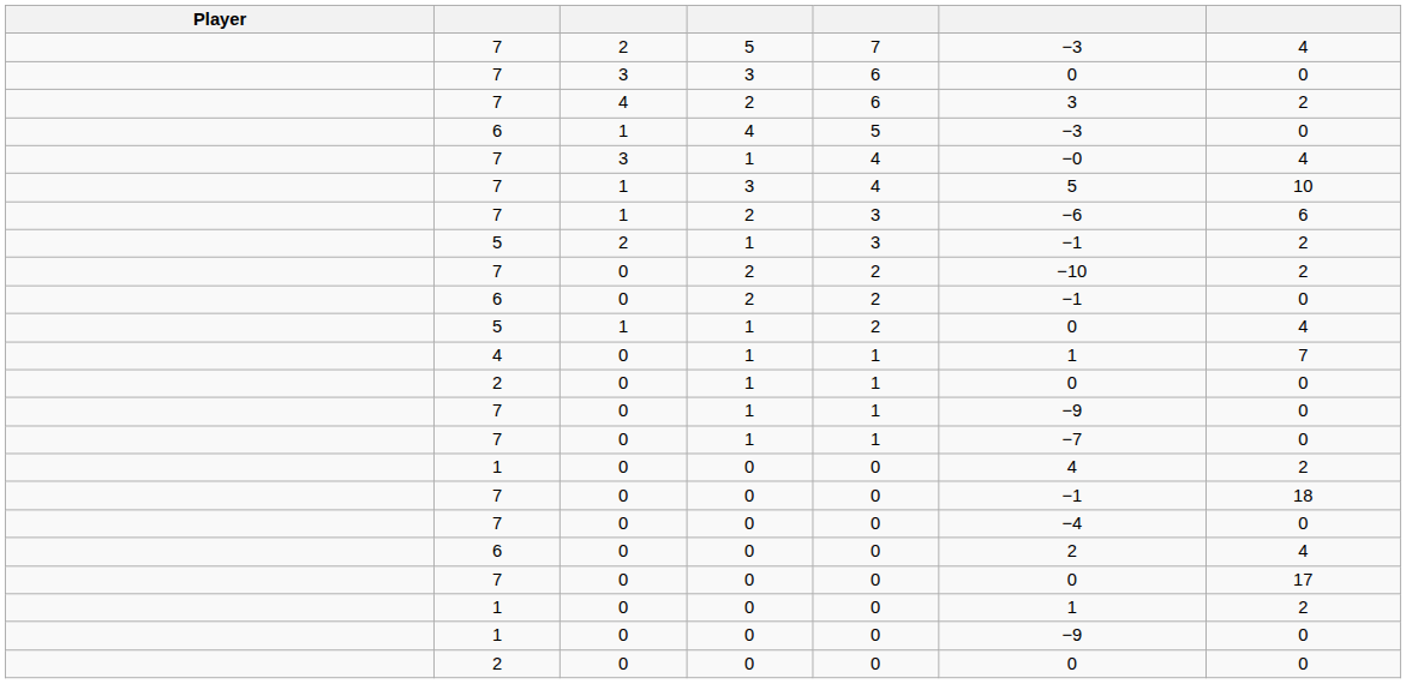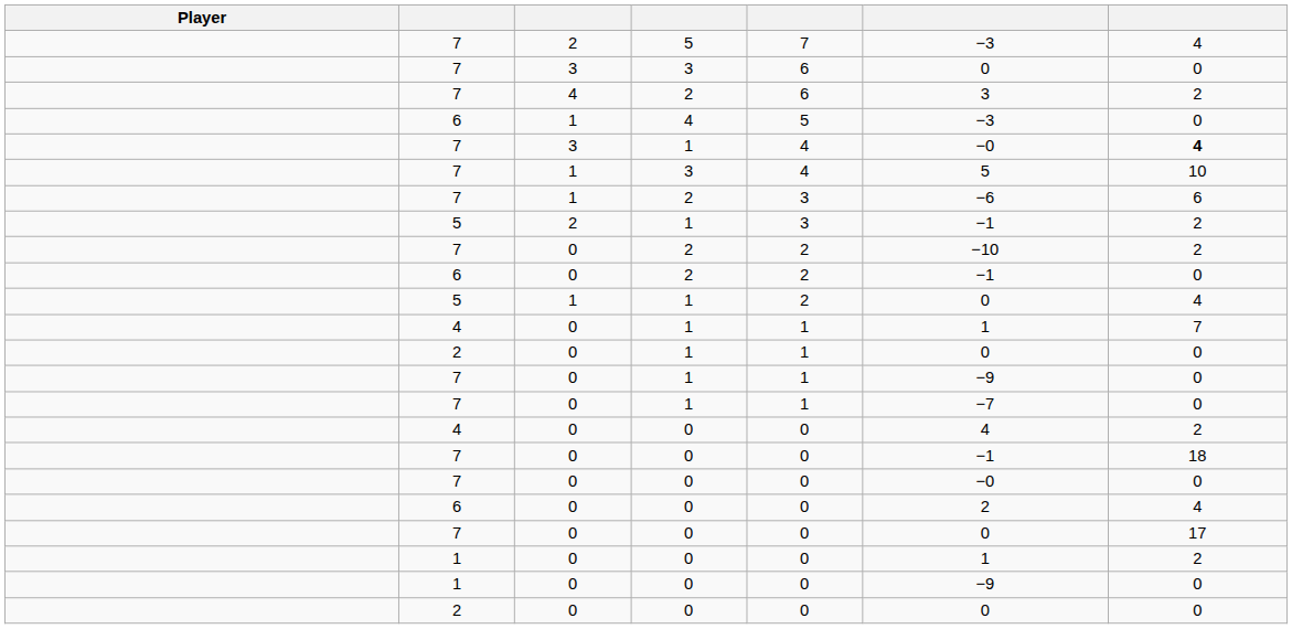 <table class="wikitable sortable" style="width:100%;">
 <tr align=center>
 <th>Player</th>
 <th></th>
 <th></th>
 <th></th>
 <th></th>
 <th data-sort-type="number"></th>
 <th></th>
 </tr>
 <tr align=center>
 <td></td>
 <td>7</td>
 <td>2</td>
 <td>5</td>
 <td>7</td>
 <td>−3</td>
 <td>4</td>
 </tr>
 <tr align=center>
 <td></td>
 <td>7</td>
 <td>3</td>
 <td>3</td>
 <td>6</td>
 <td>0</td>
 <td>0</td>
 </tr>
 <tr align=center>
 <td></td>
 <td>7</td>
 <td>4</td>
 <td>2</td>
 <td>6</td>
 <td>3</td>
 <td>2</td>
 </tr>
 <tr align=center>
 <td></td>
 <td>6</td>
 <td>1</td>
 <td>4</td>
 <td>5</td>
 <td>−3</td>
 <td>0</td>
 </tr>
 <tr align=center>
 <td></td>
 <td>7</td>
 <td>3</td>
 <td>1</td>
 <td>4</td>
 <td>−0</td>
-<td>4</td>
+<td><strong>4</strong></td>
 </tr>
 <tr align=center>
 <td></td>
 <td>7</td>
 <td>1</td>
 <td>3</td>
 <td>4</td>
 <td>5</td>
 <td>10</td>
 </tr>
 <tr align=center>
 <td></td>
 <td>7</td>
 <td>1</td>
 <td>2</td>
 <td>3</td>
 <td>−6</td>
 <td>6</td>
 </tr>
 <tr align=center>
 <td></td>
 <td>5</td>
 <td>2</td>
 <td>1</td>
 <td>3</td>
 <td>−1</td>
 <td>2</td>
 </tr>
 <tr align=center>
 <td></td>
 <td>7</td>
 <td>0</td>
 <td>2</td>
 <td>2</td>
 <td>−10</td>
 <td>2</td>
 </tr>
 <tr align=center>
 <td></td>
 <td>6</td>
 <td>0</td>
 <td>2</td>
 <td>2</td>
 <td>−1</td>
 <td>0</td>
 </tr>
 <tr align=center>
 <td></td>
 <td>5</td>
 <td>1</td>
 <td>1</td>
 <td>2</td>
 <td>0</td>
 <td>4</td>
 </tr>
 <tr align=center>
 <td></td>
 <td>4</td>
 <td>0</td>
 <td>1</td>
 <td>1</td>
 <td>1</td>
 <td>7</td>
 </tr>
 <tr align=center>
 <td></td>
 <td>2</td>
 <td>0</td>
 <td>1</td>
 <td>1</td>
 <td>0</td>
 <td>0</td>
 </tr>
 <tr align=center>
 <td></td>
 <td>7</td>
 <td>0</td>
 <td>1</td>
 <td>1</td>
 <td>−9</td>
 <td>0</td>
 </tr>
 <tr align=center>
 <td></td>
 <td>7</td>
 <td>0</td>
 <td>1</td>
 <td>1</td>
 <td>−7</td>
 <td>0</td>
 </tr>
 <tr align=center>
 <td></td>
-<td>1</td>
+<td>4</td>
 <td>0</td>
 <td>0</td>
 <td>0</td>
 <td>4</td>
 <td>2</td>
 </tr>
 <tr align=center>
 <td></td>
 <td>7</td>
 <td>0</td>
 <td>0</td>
 <td>0</td>
 <td>−1</td>
 <td>18</td>
 </tr>
 <tr align=center>
 <td></td>
 <td>7</td>
 <td>0</td>
 <td>0</td>
 <td>0</td>
-<td>−4</td>
+<td>−0</td>
 <td>0</td>
 </tr>
 <tr align=center>
 <td></td>
 <td>6</td>
 <td>0</td>
 <td>0</td>
 <td>0</td>
 <td>2</td>
 <td>4</td>
 </tr>
 <tr align=center>
 <td></td>
 <td>7</td>
 <td>0</td>
 <td>0</td>
 <td>0</td>
 <td>0</td>
 <td>17</td>
 </tr>
 <tr align=center>
 <td></td>
 <td>1</td>
 <td>0</td>
 <td>0</td>
 <td>0</td>
 <td>1</td>
 <td>2</td>
 </tr>
 <tr align=center>
 <td></td>
 <td>1</td>
 <td>0</td>
 <td>0</td>
 <td>0</td>
 <td>−9</td>
 <td>0</td>
 </tr>
 <tr align=center>
 <td></td>
 <td>2</td>
 <td>0</td>
 <td>0</td>
 <td>0</td>
 <td>0</td>
 <td>0</td>
 </tr>
 </table>
